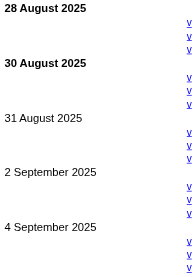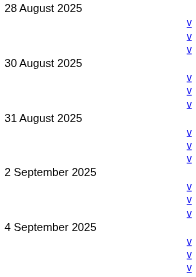 <table style="width:100%;" cellspacing="1">
 <tr>
 <th width=25%></th>
 <th width=2%></th>
 <th width=6%></th>
 <th width=2%></th>
 <th width=25%></th>
 </tr>
 <tr>
-<td><strong>28 August 2025</strong></td>
+<td>28 August 2025</td>
 </tr>
 <tr style=font-size:90%>
 <td align=right></td>
 <td></td>
 <td align=center><a href='#'>v</a></td>
 <td></td>
 <td></td>
 <td></td>
 </tr>
 <tr style=font-size:90%>
 <td align=right></td>
 <td></td>
 <td align=center><a href='#'>v</a></td>
 <td></td>
 <td></td>
 <td></td>
 </tr>
 <tr style=font-size:90%>
 <td align=right></td>
 <td></td>
 <td align=center><a href='#'>v</a></td>
 <td></td>
 <td></td>
 <td></td>
 </tr>
 <tr>
-<td><strong>30 August 2025</strong></td>
+<td>30 August 2025</td>
 </tr>
 <tr style=font-size:90%>
 <td align=right></td>
 <td></td>
 <td align=center><a href='#'>v</a></td>
 <td></td>
 <td></td>
 <td></td>
 </tr>
 <tr style=font-size:90%>
 <td align=right></td>
 <td></td>
 <td align=center><a href='#'>v</a></td>
 <td></td>
 <td></td>
 <td></td>
 </tr>
 <tr style=font-size:90%>
 <td align=right></td>
 <td></td>
 <td align=center><a href='#'>v</a></td>
 <td></td>
 <td></td>
 <td></td>
 </tr>
 <tr>
 <td>31 August 2025</td>
 </tr>
 <tr style=font-size:90%>
 <td align=right></td>
 <td></td>
 <td align=center><a href='#'>v</a></td>
 <td></td>
 <td></td>
 <td></td>
 </tr>
 <tr style=font-size:90%>
 <td align=right></td>
 <td></td>
 <td align=center><a href='#'>v</a></td>
 <td></td>
 <td></td>
 <td></td>
 </tr>
 <tr style=font-size:90%>
 <td align=right></td>
 <td></td>
 <td align=center><a href='#'>v</a></td>
 <td></td>
 <td></td>
 <td></td>
 </tr>
 <tr>
 <td>2 September 2025</td>
 </tr>
 <tr style=font-size:90%>
 <td align=right></td>
 <td></td>
 <td align=center><a href='#'>v</a></td>
 <td></td>
 <td></td>
 <td></td>
 </tr>
 <tr style=font-size:90%>
 <td align=right></td>
 <td></td>
 <td align=center><a href='#'>v</a></td>
 <td></td>
 <td></td>
 <td></td>
 </tr>
 <tr style=font-size:90%>
 <td align=right></td>
 <td></td>
 <td align=center><a href='#'>v</a></td>
 <td></td>
 <td></td>
 <td></td>
 </tr>
 <tr>
 <td>4 September 2025</td>
 </tr>
 <tr style=font-size:90%>
 <td align=right></td>
 <td></td>
 <td align=center><a href='#'>v</a></td>
 <td></td>
 <td></td>
 <td></td>
 </tr>
 <tr style=font-size:90%>
 <td align=right></td>
 <td></td>
 <td align=center><a href='#'>v</a></td>
 <td></td>
 <td></td>
 <td></td>
 </tr>
 <tr style=font-size:90%>
 <td align=right></td>
 <td></td>
 <td align=center><a href='#'>v</a></td>
 <td></td>
 <td></td>
 <td></td>
 </tr>
 </table>
